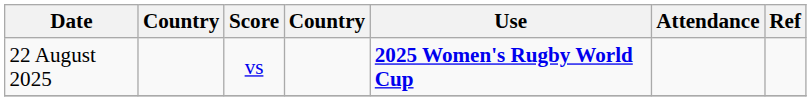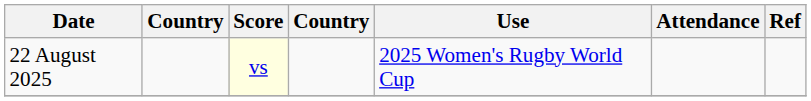 <table class="wikitable">
 <tr>
 <th scope=col>Date</th>
 <th scope=col>Country</th>
 <th scope=col>Score</th>
 <th scope=col>Country</th>
 <th scope=col>Use</th>
 <th scope=col>Attendance</th>
 <th scope=col>Ref</th>
 </tr>
 <tr>
 <td>22 August 2025</td>
 <td align="right"></td>
-<td align="center"><a href='#'>vs</a></td>
+<td align="center" style="background: lightyellow;"><a href='#'>vs</a></td>
 <td></td>
-<td><strong><a href='#'>2025 Women's Rugby World Cup</a></strong></td>
+<td><a href='#'>2025 Women's Rugby World Cup</a></td>
 <td></td>
 <td></td>
 </tr>
 <tr>
 </tr>
 </table>
